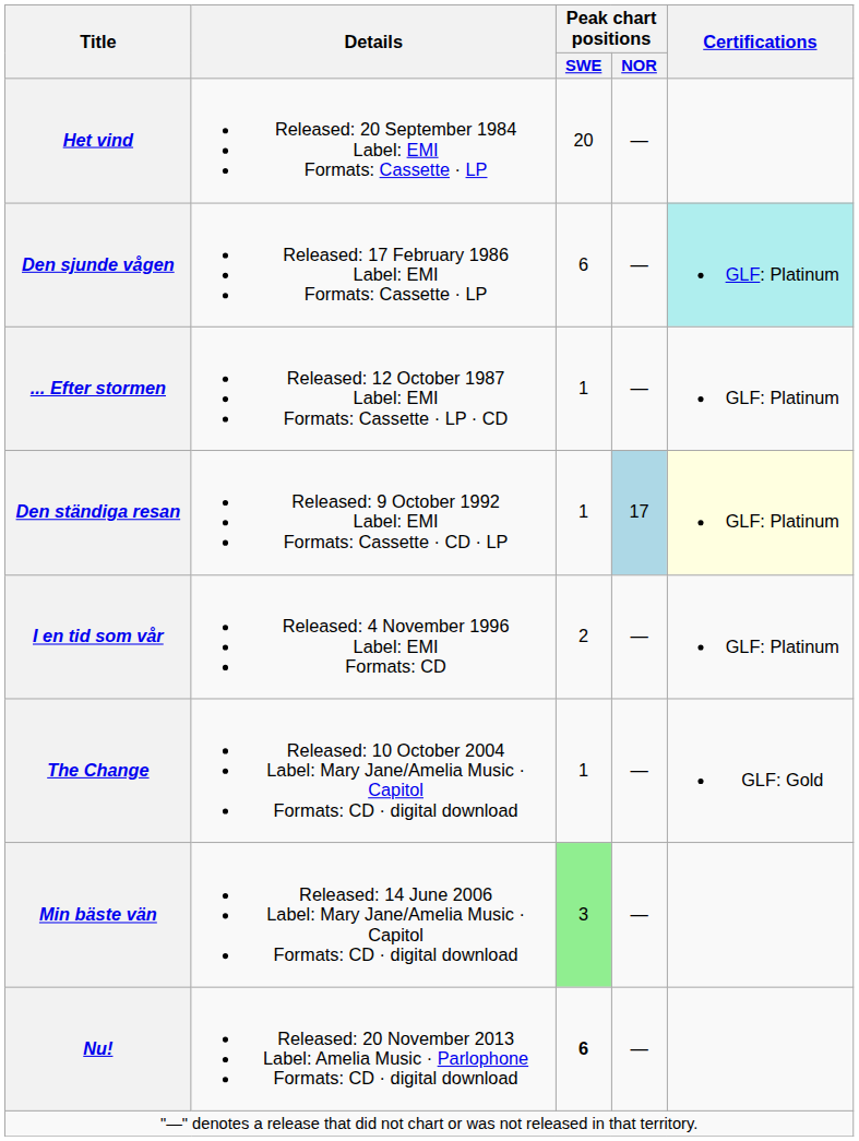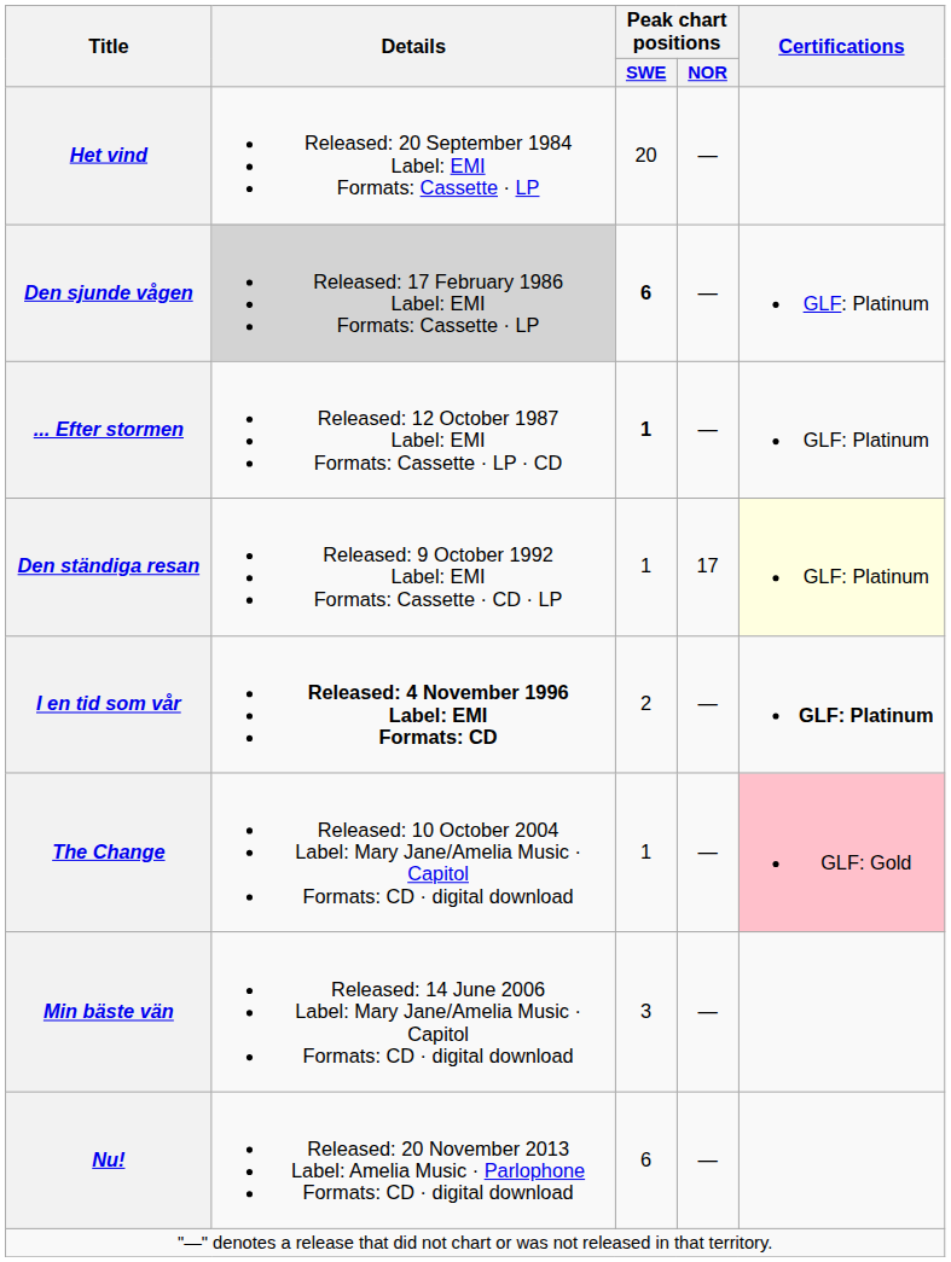 <table class="wikitable plainrowheaders" style="text-align:center;" border="1">
 <tr>
 <th scope="col" rowspan="2" style="width:10em;">Title</th>
 <th scope="col" rowspan="2" style="width:20em;">Details</th>
 <th scope="col" colspan="2">Peak chart positions</th>
 <th scope="col" rowspan="2" style="width:10em;"><a href='#'>Certifications</a></th>
 </tr>
 <tr>
 <th scope="col" style="width:3em;font-size:90%;"><a href='#'>SWE</a><br></th>
 <th scope="col" style="width:3em;font-size:90%;"><a href='#'>NOR</a><br></th>
 </tr>
 <tr>
 <th scope="row"><em><a href='#'>Het vind</a></em></th>
 <td><br><ul><li>Released: 20 September 1984</li><li>Label: <a href='#'>EMI</a></li><li>Formats: <a href='#'>Cassette</a> · <a href='#'>LP</a></li></ul></td>
 <td>20</td>
 <td>—</td>
 <td></td>
 </tr>
 <tr>
 <th scope="row"><em><a href='#'>Den sjunde vågen</a></em></th>
-<td><br><ul><li>Released: 17 February 1986</li><li>Label: EMI</li><li>Formats: Cassette · LP</li></ul></td>
-<td>6</td>
+<td style="background: lightgrey;"><br><ul><li>Released: 17 February 1986</li><li>Label: EMI</li><li>Formats: Cassette · LP</li></ul></td>
+<td><strong>6</strong></td>
 <td>—</td>
-<td style="background: paleturquoise;"><br><ul><li><a href='#'>GLF</a>: Platinum</li></ul></td>
+<td><br><ul><li><a href='#'>GLF</a>: Platinum</li></ul></td>
 </tr>
 <tr>
 <th scope="row"><em><a href='#'>... Efter stormen</a></em></th>
 <td><br><ul><li>Released: 12 October 1987</li><li>Label: EMI</li><li>Formats: Cassette · LP · CD</li></ul></td>
-<td>1</td>
+<td><strong>1</strong></td>
 <td>—</td>
 <td><br><ul><li>GLF: Platinum</li></ul></td>
 </tr>
 <tr>
 <th scope="row"><em><a href='#'>Den ständiga resan</a></em></th>
 <td><br><ul><li>Released: 9 October 1992</li><li>Label: EMI</li><li>Formats: Cassette · CD · LP</li></ul></td>
 <td>1</td>
-<td style="background: lightblue;">17</td>
+<td>17</td>
 <td style="background: lightyellow;"><br><ul><li>GLF: Platinum</li></ul></td>
 </tr>
 <tr>
 <th scope="row"><em><a href='#'>I en tid som vår</a></em></th>
-<td><br><ul><li>Released: 4 November 1996</li><li>Label: EMI</li><li>Formats: CD</li></ul></td>
+<td><strong><br><ul><li>Released: 4 November 1996</li><li>Label: EMI</li><li>Formats: CD</li></ul></strong></td>
 <td>2</td>
 <td>—</td>
-<td><br><ul><li>GLF: Platinum</li></ul></td>
+<td><strong><br><ul><li>GLF: Platinum</li></ul></strong></td>
 </tr>
 <tr>
 <th scope="row"><em><a href='#'>The Change</a></em></th>
 <td><br><ul><li>Released: 10 October 2004</li><li>Label: Mary Jane/Amelia Music · <a href='#'>Capitol</a></li><li>Formats: CD · digital download</li></ul></td>
 <td>1</td>
 <td>—</td>
-<td><br><ul><li>GLF: Gold</li></ul></td>
+<td style="background: pink;"><br><ul><li>GLF: Gold</li></ul></td>
 </tr>
 <tr>
 <th scope="row"><em><a href='#'>Min bäste vän</a></em></th>
 <td><br><ul><li>Released: 14 June 2006</li><li>Label: Mary Jane/Amelia Music · Capitol</li><li>Formats: CD · digital download</li></ul></td>
-<td style="background: lightgreen;">3</td>
+<td>3</td>
 <td>—</td>
 <td></td>
 </tr>
 <tr>
 <th scope="row"><em><a href='#'>Nu!</a></em></th>
 <td><br><ul><li>Released: 20 November 2013</li><li>Label: Amelia Music · <a href='#'>Parlophone</a></li><li>Formats: CD · digital download</li></ul></td>
-<td><strong>6</strong></td>
+<td>6</td>
 <td>—</td>
 <td></td>
 </tr>
 <tr>
 <td colspan="5" style="font-size:90%">"—" denotes a release that did not chart or was not released in that territory.</td>
 </tr>
 </table>
